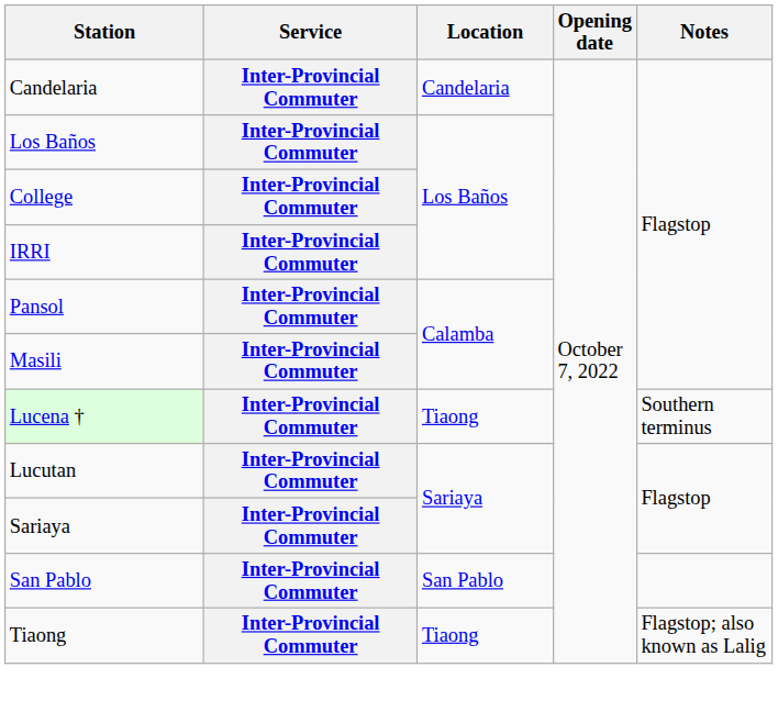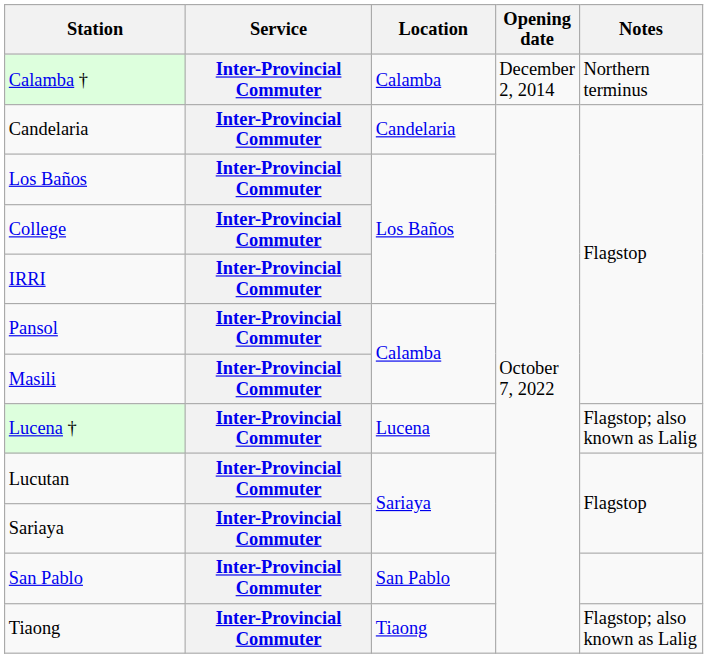 <table class="wikitable sortable">
 <tr>
 <th width="150">Station</th>
 <th>Service</th>
 <th width="100">Location</th>
 <th width="50">Opening date</th>
 <th width="100">Notes</th>
+</tr>
+<tr>
+<td style="background-color:#ddffdd"><a href='#'>Calamba</a> †</td>
+<th style="background-color:#"><a href='#'><span>Inter-Provincial Commuter</span></a></th>
+<td><a href='#'>Calamba</a></td>
+<td>December 2, 2014</td>
+<td>Northern terminus</td>
 </tr>
 <tr>
 <td>Candelaria</td>
 <th style="background-color:#"><a href='#'><span>Inter-Provincial Commuter</span></a></th>
 <td><a href='#'>Candelaria</a></td>
 <td rowspan="11">October 7, 2022</td>
 <td rowspan="6">Flagstop</td>
 </tr>
 <tr>
 <td><a href='#'>Los Baños</a></td>
 <th style="background-color:#"><a href='#'><span>Inter-Provincial Commuter</span></a></th>
 <td rowspan="3"><a href='#'>Los Baños</a></td>
 </tr>
 <tr>
 <td><a href='#'>College</a></td>
 <th style="background-color:#"><a href='#'><span>Inter-Provincial Commuter</span></a></th>
 </tr>
 <tr>
 <td><a href='#'>IRRI</a></td>
 <th style="background-color:#"><a href='#'><span>Inter-Provincial Commuter</span></a></th>
 </tr>
 <tr>
 <td><a href='#'>Pansol</a></td>
 <th style="background-color:#"><a href='#'><span>Inter-Provincial Commuter</span></a></th>
 <td rowspan="2"><a href='#'>Calamba</a></td>
 </tr>
 <tr>
 <td><a href='#'>Masili</a></td>
 <th style="background-color:#"><a href='#'><span>Inter-Provincial Commuter</span></a></th>
 </tr>
 <tr>
 <td style="background-color:#ddffdd"><a href='#'>Lucena</a> †</td>
 <th style="background-color:#"><a href='#'><span>Inter-Provincial Commuter</span></a></th>
-<td><a href='#'>Tiaong</a></td>
-<td>Southern terminus</td>
+<td><a href='#'>Lucena</a></td>
+<td>Flagstop; also known as Lalig</td>
 </tr>
 <tr>
 <td>Lucutan</td>
 <th style="background-color:#"><a href='#'><span>Inter-Provincial Commuter</span></a></th>
 <td rowspan="2"><a href='#'>Sariaya</a></td>
 <td rowspan="2">Flagstop</td>
 </tr>
 <tr>
 <td>Sariaya</td>
 <th style="background-color:#"><a href='#'><span>Inter-Provincial Commuter</span></a></th>
 </tr>
 <tr>
 <td><a href='#'>San Pablo</a></td>
 <th style="background-color:#"><a href='#'><span>Inter-Provincial Commuter</span></a></th>
 <td><a href='#'>San Pablo</a></td>
 <td></td>
 </tr>
 <tr>
 <td>Tiaong</td>
 <th style="background-color:#"><a href='#'><span>Inter-Provincial Commuter</span></a></th>
 <td><a href='#'>Tiaong</a></td>
 <td>Flagstop; also known as Lalig</td>
 </tr>
 </table>
